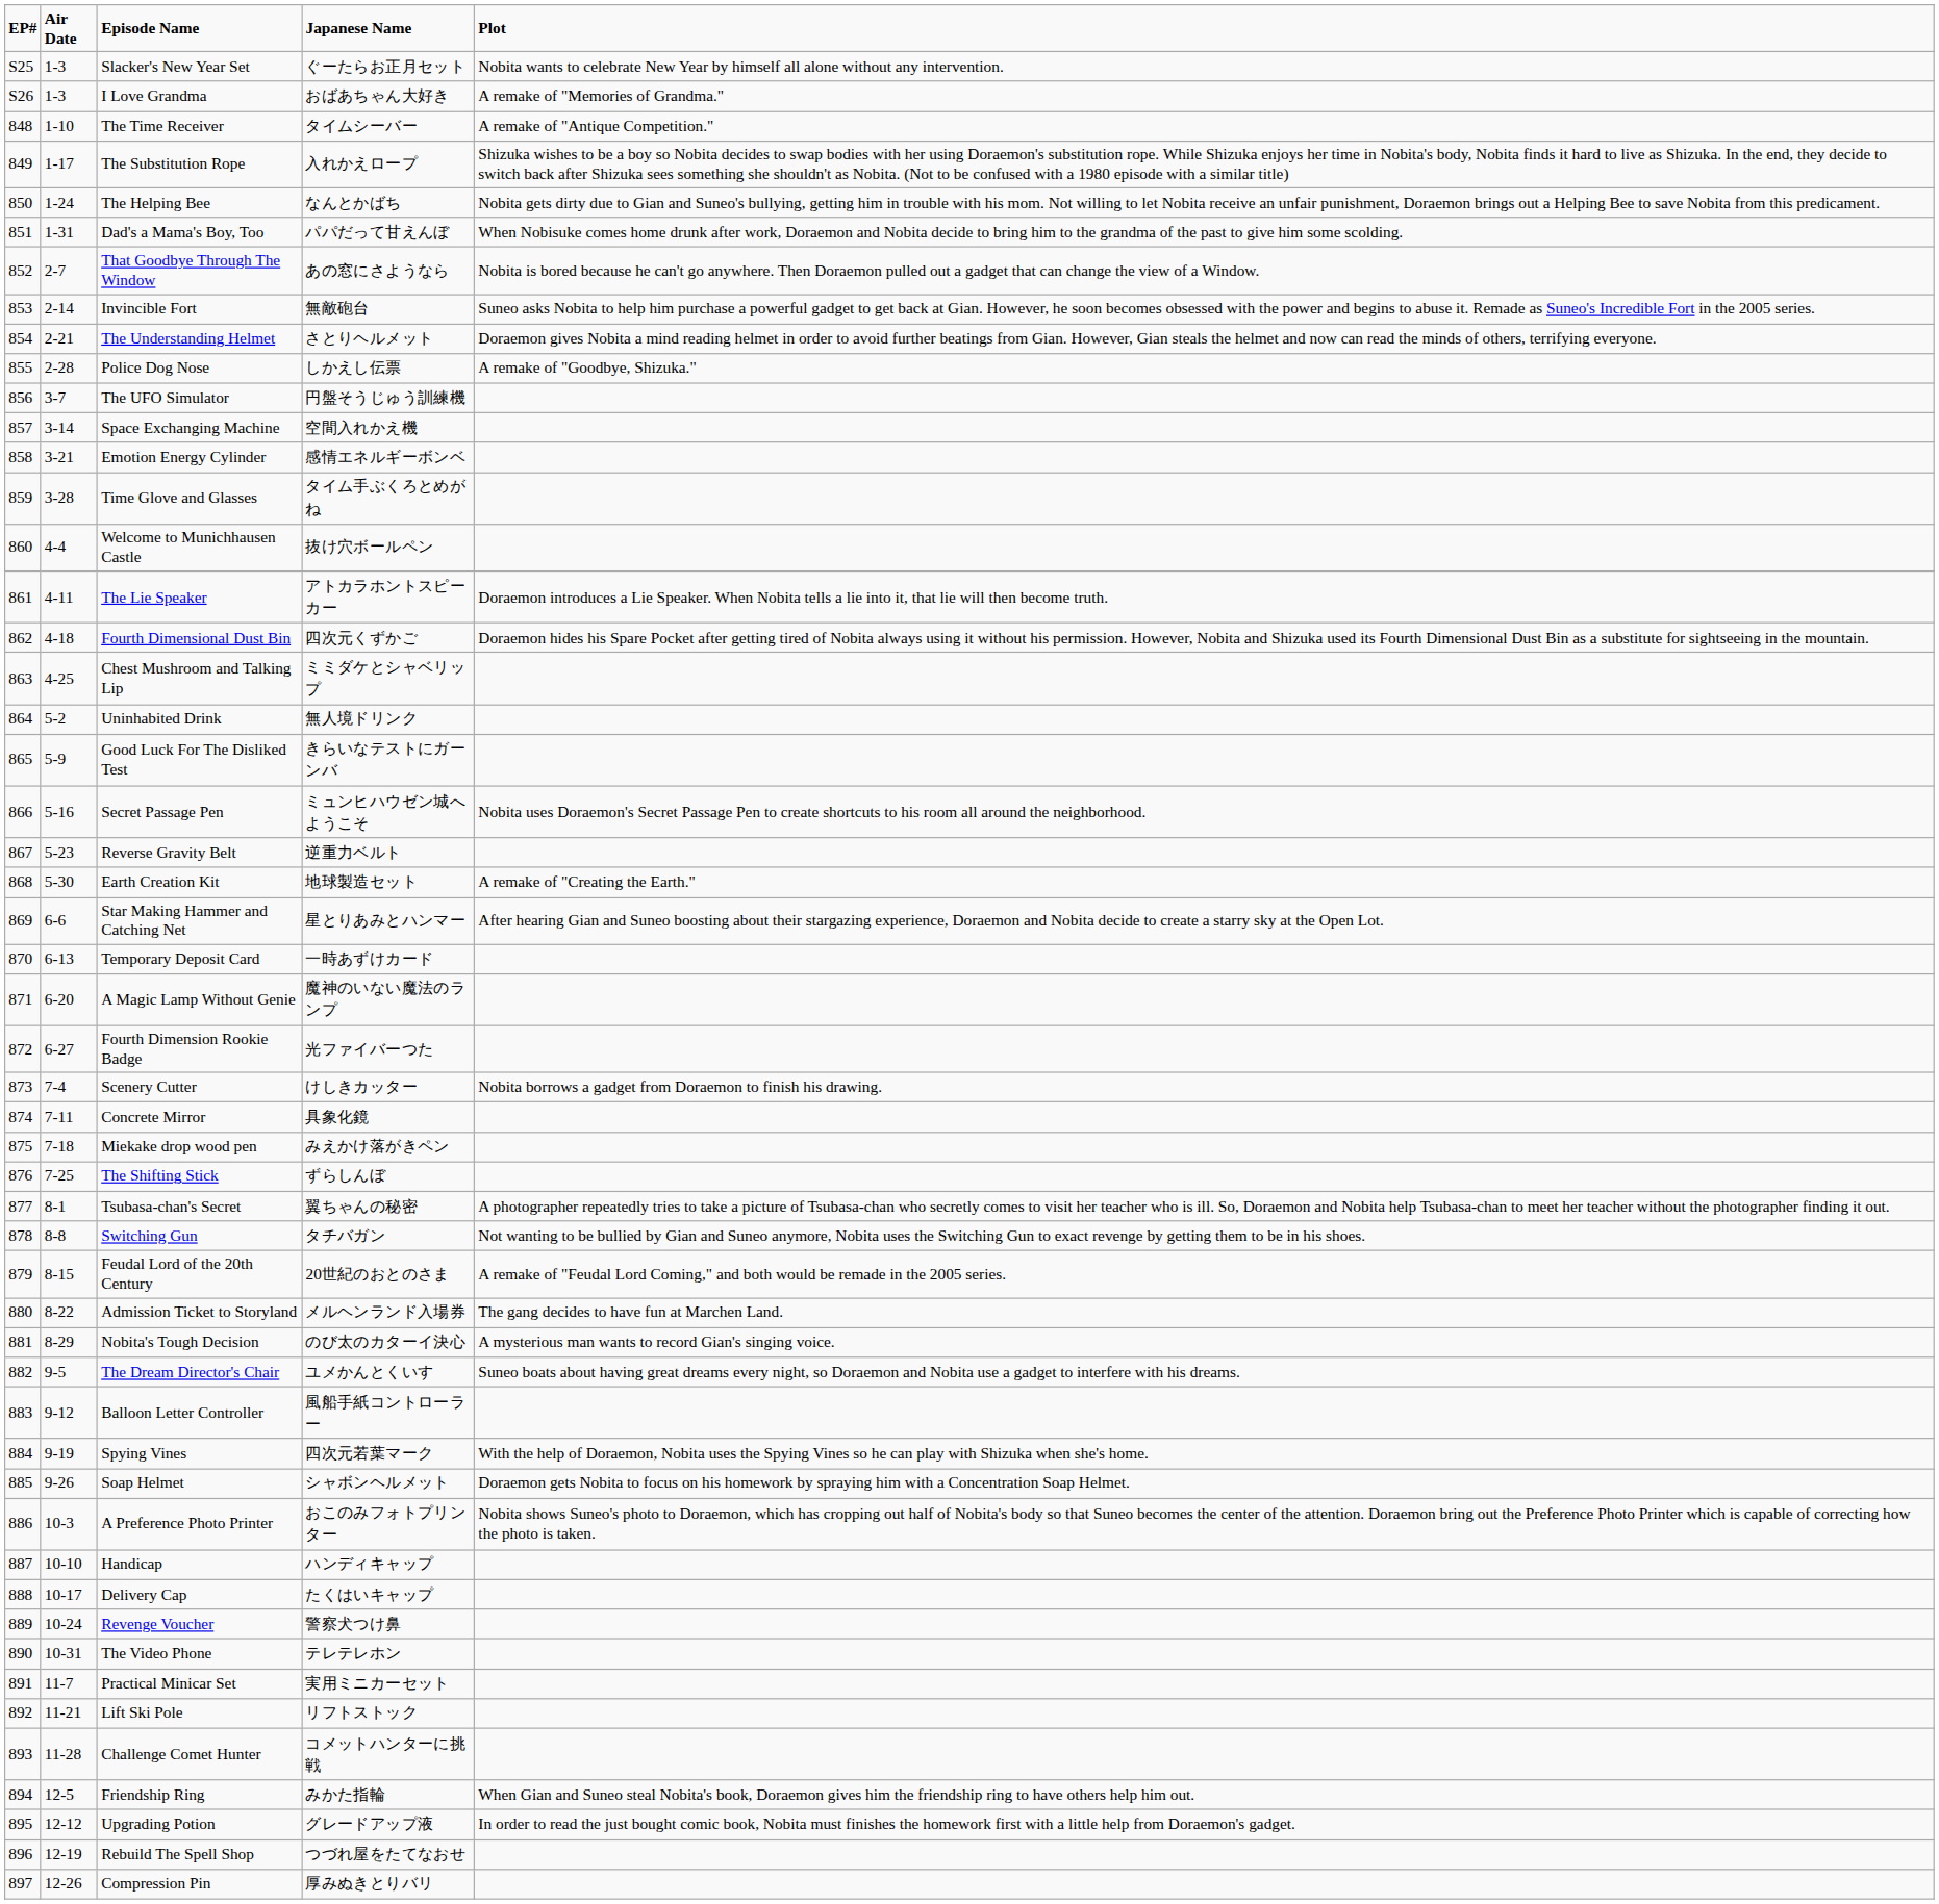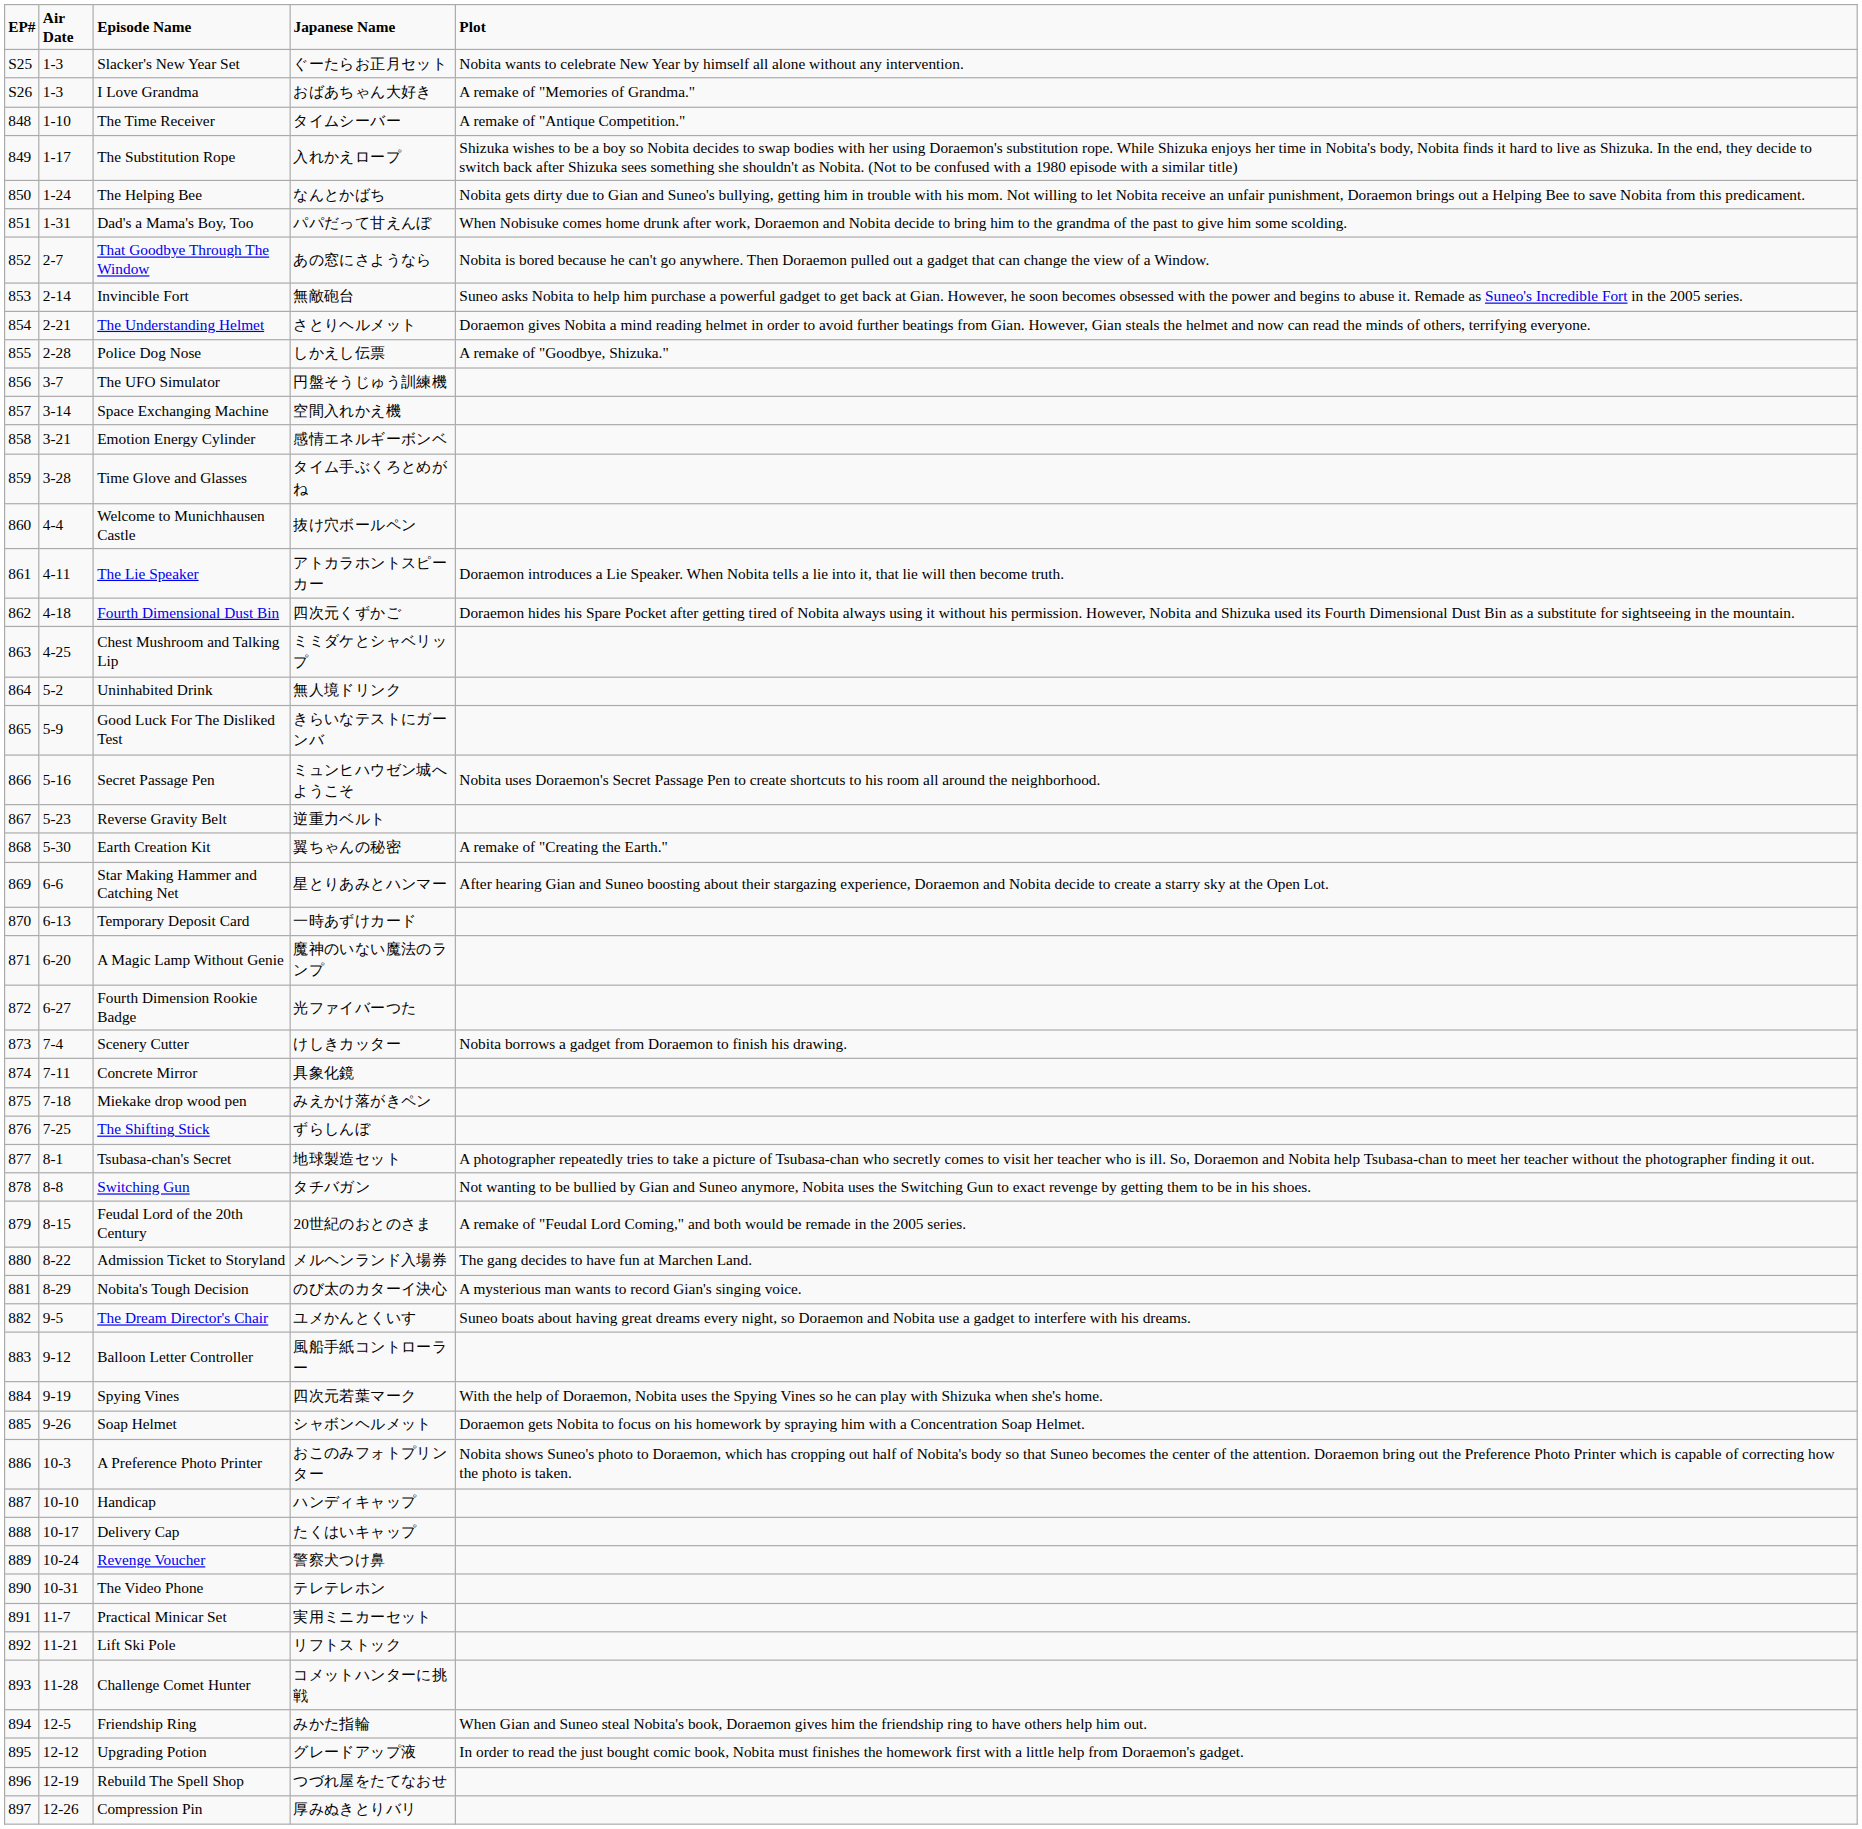 <table class="wikitable" style="font-size:small;">
 <tr>
 <td><strong>EP#</strong></td>
 <td><strong>Air Date</strong></td>
 <td><strong>Episode Name</strong></td>
 <td><strong>Japanese Name</strong></td>
 <td><strong>Plot</strong></td>
 </tr>
 <tr>
 <td>S25</td>
 <td>1-3</td>
 <td>Slacker's New Year Set</td>
 <td>ぐーたらお正月セット</td>
 <td>Nobita wants to celebrate New Year by himself all alone without any intervention.</td>
 </tr>
 <tr>
 <td>S26</td>
 <td>1-3</td>
 <td>I Love Grandma</td>
 <td>おばあちゃん大好き</td>
 <td>A remake of "Memories of Grandma."</td>
 </tr>
 <tr>
 <td>848</td>
 <td>1-10</td>
 <td>The Time Receiver</td>
 <td>タイムシーバー</td>
 <td>A remake of "Antique Competition."</td>
 </tr>
 <tr>
 <td>849</td>
 <td>1-17</td>
 <td>The Substitution Rope</td>
 <td>入れかえロープ</td>
 <td>Shizuka wishes to be a boy so Nobita decides to swap bodies with her using Doraemon's substitution rope. While Shizuka enjoys her time in Nobita's body, Nobita finds it hard to live as Shizuka. In the end, they decide to switch back after Shizuka sees something she shouldn't as Nobita. (Not to be confused with a 1980 episode with a similar title)</td>
 </tr>
 <tr>
 <td>850</td>
 <td>1-24</td>
 <td>The Helping Bee</td>
 <td>なんとかばち</td>
 <td>Nobita gets dirty due to Gian and Suneo's bullying, getting him in trouble with his mom. Not willing to let Nobita receive an unfair punishment, Doraemon brings out a Helping Bee to save Nobita from this predicament.</td>
 </tr>
 <tr>
 <td>851</td>
 <td>1-31</td>
 <td>Dad's a Mama's Boy, Too</td>
 <td>パパだって甘えんぼ</td>
 <td>When Nobisuke comes home drunk after work, Doraemon and Nobita decide to bring him to the grandma of the past to give him some scolding.</td>
 </tr>
 <tr>
 <td>852</td>
 <td>2-7</td>
 <td><a href='#'>That Goodbye Through The Window</a></td>
 <td>あの窓にさようなら</td>
 <td>Nobita is bored because he can't go anywhere. Then Doraemon pulled out a gadget that can change the view of a Window.</td>
 </tr>
 <tr>
 <td>853</td>
 <td>2-14</td>
 <td>Invincible Fort</td>
 <td>無敵砲台</td>
 <td>Suneo asks Nobita to help him purchase a powerful gadget to get back at Gian. However, he soon becomes obsessed with the power and begins to abuse it. Remade as <a href='#'>Suneo's Incredible Fort</a> in the 2005 series.</td>
 </tr>
 <tr>
 <td>854</td>
 <td>2-21</td>
 <td><a href='#'>The Understanding Helmet</a></td>
 <td>さとりヘルメット</td>
 <td>Doraemon gives Nobita a mind reading helmet in order to avoid further beatings from Gian. However, Gian steals the helmet and now can read the minds of others, terrifying everyone.</td>
 </tr>
 <tr>
 <td>855</td>
 <td>2-28</td>
 <td>Police Dog Nose</td>
 <td>しかえし伝票</td>
 <td>A remake of "Goodbye, Shizuka."</td>
 </tr>
 <tr>
 <td>856</td>
 <td>3-7</td>
 <td>The UFO Simulator</td>
 <td>円盤そうじゅう訓練機</td>
 <td></td>
 </tr>
 <tr>
 <td>857</td>
 <td>3-14</td>
 <td>Space Exchanging Machine</td>
 <td>空間入れかえ機</td>
 <td></td>
 </tr>
 <tr>
 <td>858</td>
 <td>3-21</td>
 <td>Emotion Energy Cylinder</td>
 <td>感情エネルギーボンベ</td>
 <td></td>
 </tr>
 <tr>
 <td>859</td>
 <td>3-28</td>
 <td>Time Glove and Glasses</td>
 <td>タイム手ぶくろとめがね</td>
 <td></td>
 </tr>
 <tr>
 <td>860</td>
 <td>4-4</td>
 <td>Welcome to Munichhausen Castle</td>
 <td>抜け穴ボールペン</td>
 <td></td>
 </tr>
 <tr>
 <td>861</td>
 <td>4-11</td>
 <td><a href='#'>The Lie Speaker</a></td>
 <td>アトカラホントスピーカー</td>
 <td>Doraemon introduces a Lie Speaker. When Nobita tells a lie into it, that lie will then become truth.</td>
 </tr>
 <tr>
 <td>862</td>
 <td>4-18</td>
 <td><a href='#'>Fourth Dimensional Dust Bin</a></td>
 <td>四次元くずかご</td>
 <td>Doraemon hides his Spare Pocket after getting tired of Nobita always using it without his permission. However, Nobita and Shizuka used its Fourth Dimensional Dust Bin as a substitute for sightseeing in the mountain.</td>
 </tr>
 <tr>
 <td>863</td>
 <td>4-25</td>
 <td>Chest Mushroom and Talking Lip</td>
 <td>ミミダケとシャベリップ</td>
 <td></td>
 </tr>
 <tr>
 <td>864</td>
 <td>5-2</td>
 <td>Uninhabited Drink</td>
 <td>無人境ドリンク</td>
 <td></td>
 </tr>
 <tr>
 <td>865</td>
 <td>5-9</td>
 <td>Good Luck For The Disliked Test</td>
 <td>きらいなテストにガーンバ</td>
 <td></td>
 </tr>
 <tr>
 <td>866</td>
 <td>5-16</td>
 <td>Secret Passage Pen</td>
 <td>ミュンヒハウゼン城へようこそ</td>
 <td>Nobita uses Doraemon's Secret Passage Pen to create shortcuts to his room all around the neighborhood.</td>
 </tr>
 <tr>
 <td>867</td>
 <td>5-23</td>
 <td>Reverse Gravity Belt</td>
 <td>逆重力ベルト</td>
 <td></td>
 </tr>
 <tr>
 <td>868</td>
 <td>5-30</td>
 <td>Earth Creation Kit</td>
-<td>地球製造セット</td>
+<td>翼ちゃんの秘密</td>
 <td>A remake of "Creating the Earth."</td>
 </tr>
 <tr>
 <td>869</td>
 <td>6-6</td>
 <td>Star Making Hammer and Catching Net</td>
 <td>星とりあみとハンマー</td>
 <td>After hearing Gian and Suneo boosting about their stargazing experience, Doraemon and Nobita decide to create a starry sky at the Open Lot.</td>
 </tr>
 <tr>
 <td>870</td>
 <td>6-13</td>
 <td>Temporary Deposit Card</td>
 <td>一時あずけカード</td>
 <td></td>
 </tr>
 <tr>
 <td>871</td>
 <td>6-20</td>
 <td>A Magic Lamp Without Genie</td>
 <td>魔神のいない魔法のランプ</td>
 <td></td>
 </tr>
 <tr>
 <td>872</td>
 <td>6-27</td>
 <td>Fourth Dimension Rookie Badge</td>
 <td>光ファイバーつた</td>
 <td></td>
 </tr>
 <tr>
 <td>873</td>
 <td>7-4</td>
 <td>Scenery Cutter</td>
 <td>けしきカッター</td>
 <td>Nobita borrows a gadget from Doraemon to finish his drawing.</td>
 </tr>
 <tr>
 <td>874</td>
 <td>7-11</td>
 <td>Concrete Mirror</td>
 <td>具象化鏡</td>
 <td></td>
 </tr>
 <tr>
 <td>875</td>
 <td>7-18</td>
 <td>Miekake drop wood pen</td>
 <td>みえかけ落がきペン</td>
 <td></td>
 </tr>
 <tr>
 <td>876</td>
 <td>7-25</td>
 <td><a href='#'>The Shifting Stick</a></td>
 <td>ずらしんぼ</td>
 <td></td>
 </tr>
 <tr>
 <td>877</td>
 <td>8-1</td>
 <td>Tsubasa-chan's Secret</td>
-<td>翼ちゃんの秘密</td>
+<td>地球製造セット</td>
 <td>A photographer repeatedly tries to take a picture of Tsubasa-chan who secretly comes to visit her teacher who is ill. So, Doraemon and Nobita help Tsubasa-chan to meet her teacher without the photographer finding it out.</td>
 </tr>
 <tr>
 <td>878</td>
 <td>8-8</td>
 <td><a href='#'>Switching Gun</a></td>
 <td>タチバガン</td>
 <td>Not wanting to be bullied by Gian and Suneo anymore, Nobita uses the Switching Gun to exact revenge by getting them to be in his shoes.</td>
 </tr>
 <tr>
 <td>879</td>
 <td>8-15</td>
 <td>Feudal Lord of the 20th Century</td>
 <td>20世紀のおとのさま</td>
 <td>A remake of "Feudal Lord Coming," and both would be remade in the 2005 series.</td>
 </tr>
 <tr>
 <td>880</td>
 <td>8-22</td>
 <td>Admission Ticket to Storyland</td>
 <td>メルヘンランド入場券</td>
 <td>The gang decides to have fun at Marchen Land.</td>
 </tr>
 <tr>
 <td>881</td>
 <td>8-29</td>
 <td>Nobita's Tough Decision</td>
 <td>のび太のカターイ決心</td>
 <td>A mysterious man wants to record Gian's singing voice.</td>
 </tr>
 <tr>
 <td>882</td>
 <td>9-5</td>
 <td><a href='#'>The Dream Director's Chair</a></td>
 <td>ユメかんとくいす</td>
 <td>Suneo boats about having great dreams every night, so Doraemon and Nobita use a gadget to interfere with his dreams.</td>
 </tr>
 <tr>
 <td>883</td>
 <td>9-12</td>
 <td>Balloon Letter Controller</td>
 <td>風船手紙コントローラー</td>
 <td></td>
 </tr>
 <tr>
 <td>884</td>
 <td>9-19</td>
 <td>Spying Vines</td>
 <td>四次元若葉マーク</td>
 <td>With the help of Doraemon, Nobita uses the Spying Vines so he can play with Shizuka when she's home.</td>
 </tr>
 <tr>
 <td>885</td>
 <td>9-26</td>
 <td>Soap Helmet</td>
 <td>シャボンヘルメット</td>
 <td>Doraemon gets Nobita to focus on his homework by spraying him with a Concentration Soap Helmet.</td>
 </tr>
 <tr>
 <td>886</td>
 <td>10-3</td>
 <td>A Preference Photo Printer</td>
 <td>おこのみフォトプリンター</td>
 <td>Nobita shows Suneo's photo to Doraemon, which has cropping out half of Nobita's body so that Suneo becomes the center of the attention. Doraemon bring out the Preference Photo Printer which is capable of correcting how the photo is taken.</td>
 </tr>
 <tr>
 <td>887</td>
 <td>10-10</td>
 <td>Handicap</td>
 <td>ハンディキャップ</td>
 <td></td>
 </tr>
 <tr>
 <td>888</td>
 <td>10-17</td>
 <td>Delivery Cap</td>
 <td>たくはいキャップ</td>
 <td></td>
 </tr>
 <tr>
 <td>889</td>
 <td>10-24</td>
 <td><a href='#'>Revenge Voucher</a></td>
 <td>警察犬つけ鼻</td>
 <td></td>
 </tr>
 <tr>
 <td>890</td>
 <td>10-31</td>
 <td>The Video Phone</td>
 <td>テレテレホン</td>
 <td></td>
 </tr>
 <tr>
 <td>891</td>
 <td>11-7</td>
 <td>Practical Minicar Set</td>
 <td>実用ミニカーセット</td>
 <td></td>
 </tr>
 <tr>
 <td>892</td>
 <td>11-21</td>
 <td>Lift Ski Pole</td>
 <td>リフトストック</td>
 <td></td>
 </tr>
 <tr>
 <td>893</td>
 <td>11-28</td>
 <td>Challenge Comet Hunter</td>
 <td>コメットハンターに挑戦</td>
 <td></td>
 </tr>
 <tr>
 <td>894</td>
 <td>12-5</td>
 <td>Friendship Ring</td>
 <td>みかた指輪</td>
 <td>When Gian and Suneo steal Nobita's book, Doraemon gives him the friendship ring to have others help him out.</td>
 </tr>
 <tr>
 <td>895</td>
 <td>12-12</td>
 <td>Upgrading Potion</td>
 <td>グレードアップ液</td>
 <td>In order to read the just bought comic book, Nobita must finishes the homework first with a little help from Doraemon's gadget.</td>
 </tr>
 <tr>
 <td>896</td>
 <td>12-19</td>
 <td>Rebuild The Spell Shop</td>
 <td>つづれ屋をたてなおせ</td>
 <td></td>
 </tr>
 <tr>
 <td>897</td>
 <td>12-26</td>
 <td>Compression Pin</td>
 <td>厚みぬきとりバリ</td>
 <td></td>
 </tr>
 </table>
